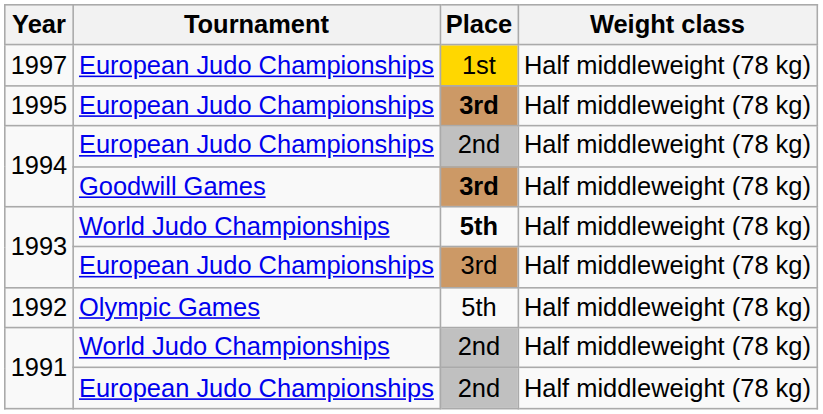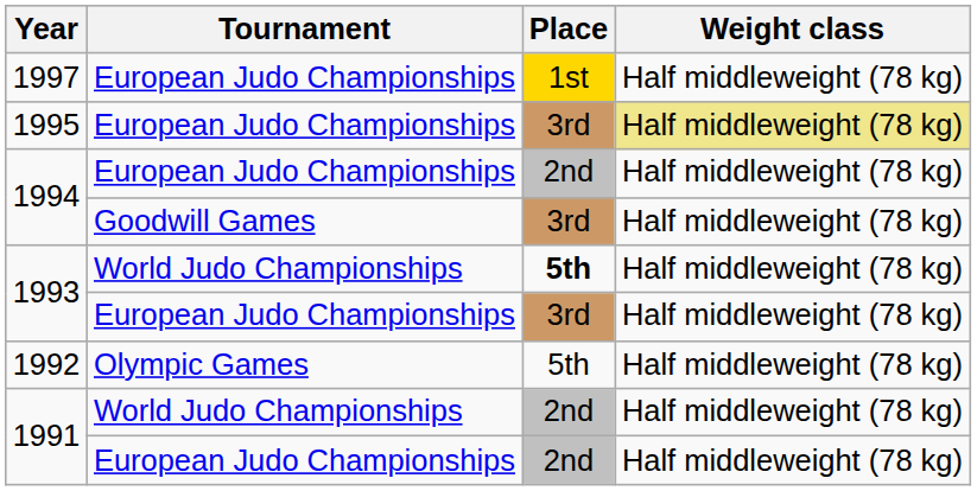 <table class=wikitable>
 <tr>
 <th>Year</th>
 <th>Tournament</th>
 <th>Place</th>
 <th>Weight class</th>
 </tr>
 <tr>
 <td>1997</td>
 <td><a href='#'>European Judo Championships</a></td>
 <td bgcolor="gold" align="center">1st</td>
 <td>Half middleweight (78 kg)</td>
 </tr>
 <tr>
 <td>1995</td>
 <td><a href='#'>European Judo Championships</a></td>
-<td bgcolor="cc9966" align="center"><strong>3rd</strong></td>
-<td>Half middleweight (78 kg)</td>
+<td bgcolor="cc9966" align="center">3rd</td>
+<td style="background: khaki;">Half middleweight (78 kg)</td>
 </tr>
 <tr>
 <td rowspan=2>1994</td>
 <td><a href='#'>European Judo Championships</a></td>
 <td bgcolor="silver" align="center">2nd</td>
 <td>Half middleweight (78 kg)</td>
 </tr>
 <tr>
 <td><a href='#'>Goodwill Games</a></td>
-<td bgcolor="cc9966" align="center"><strong>3rd</strong></td>
+<td bgcolor="cc9966" align="center">3rd</td>
 <td>Half middleweight (78 kg)</td>
 </tr>
 <tr>
 <td rowspan=2>1993</td>
 <td><a href='#'>World Judo Championships</a></td>
 <td align="center"><strong>5th</strong></td>
 <td>Half middleweight (78 kg)</td>
 </tr>
 <tr>
 <td><a href='#'>European Judo Championships</a></td>
 <td bgcolor="cc9966" align="center">3rd</td>
 <td>Half middleweight (78 kg)</td>
 </tr>
 <tr>
 <td>1992</td>
 <td><a href='#'>Olympic Games</a></td>
 <td align="center">5th</td>
 <td>Half middleweight (78 kg)</td>
 </tr>
 <tr>
 <td rowspan=2>1991</td>
 <td><a href='#'>World Judo Championships</a></td>
 <td bgcolor="silver" align="center">2nd</td>
 <td>Half middleweight (78 kg)</td>
 </tr>
 <tr>
 <td><a href='#'>European Judo Championships</a></td>
 <td bgcolor="silver" align="center">2nd</td>
 <td>Half middleweight (78 kg)</td>
 </tr>
 </table>
